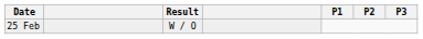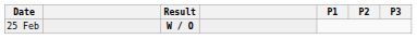 <table class="wikitable">
 <tr>
 <th width=50px>Date</th>
 <th width=165px></th>
 <th width=50px>Result</th>
 <th width=165px></th>
 <th width=40px>P1</th>
 <th width=40px>P2</th>
 <th width=40px>P3</th>
 </tr>
 <tr bgcolor="#EFEFEF">
 <td>25 Feb</td>
 <td></td>
-<td align="center">W / O</td>
+<td align="center"><strong>W / O</strong></td>
 <td></td>
 </tr>
 </table>
